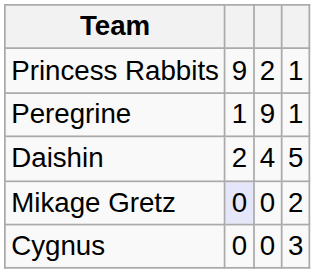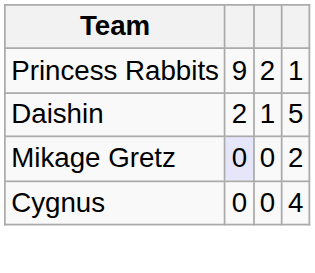 <table class="wikitable sortable" style="text-size: 80%; text-align:center">
 <tr>
 <th>Team</th>
 <th></th>
 <th></th>
 <th></th>
 </tr>
 <tr>
 <td align="left">Princess Rabbits</td>
 <td>9</td>
 <td>2</td>
 <td>1</td>
 </tr>
 <tr>
-<td align="left">Peregrine</td>
-<td>1</td>
-<td>9</td>
-<td>1</td>
-</tr>
-<tr>
 <td align="left">Daishin</td>
 <td>2</td>
-<td>4</td>
+<td>1</td>
 <td>5</td>
 </tr>
 <tr>
 <td align="left">Mikage Gretz</td>
 <td style="background: lavender;">0</td>
 <td>0</td>
 <td>2</td>
 </tr>
 <tr>
 <td align="left">Cygnus</td>
 <td>0</td>
 <td>0</td>
-<td>3</td>
+<td>4</td>
 </tr>
 </table>
